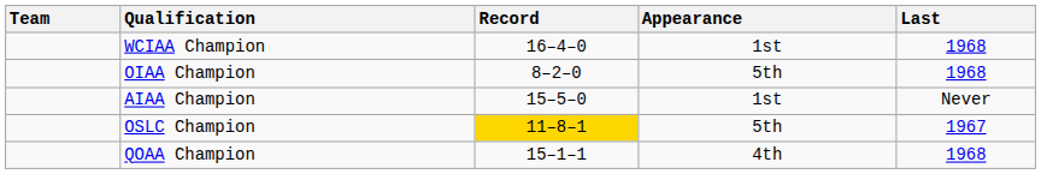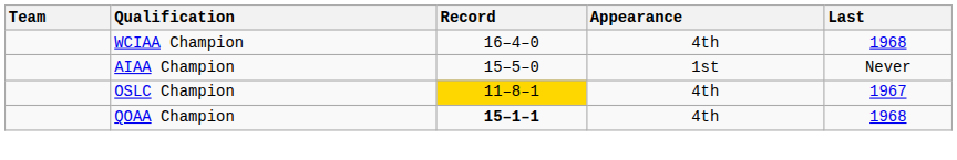 <table class="wikitable sortable" style="text-align: center;" width=800>
 <tr style="background:#efefef; text-align:center">
 <th style="text-align:left">Team</th>
 <th style="text-align:left">Qualification</th>
 <th style="text-align:left">Record</th>
 <th style="text-align:left">Appearance</th>
 <th style="text-align:left">Last</th>
 </tr>
 <tr style="text-align:center">
 <td style="text-align:left; "><a href='#'></a></td>
 <td style="text-align:left"><a href='#'>WCIAA</a> Champion</td>
 <td style="text-align:center">16–4–0</td>
-<td style="text-align:center">1st</td>
-<td style="text-align:center"><a href='#'>1968</a></td>
-</tr>
-<tr style="text-align:center">
-<td style="text-align:left; "><a href='#'></a></td>
-<td style="text-align:left"><a href='#'>OIAA</a> Champion</td>
-<td style="text-align:center">8–2–0</td>
-<td style="text-align:center">5th</td>
+<td style="text-align:center">4th</td>
 <td style="text-align:center"><a href='#'>1968</a></td>
 </tr>
 <tr style="text-align:center">
 <td style="text-align:left; "><a href='#'></a></td>
 <td style="text-align:left"><a href='#'>AIAA</a> Champion</td>
 <td style="text-align:center">15–5–0</td>
 <td style="text-align:center">1st</td>
 <td style="text-align:center">Never</td>
 </tr>
 <tr style="text-align:center">
 <td style="text-align:left; "><a href='#'></a></td>
 <td style="text-align:left"><a href='#'>OSLC</a> Champion</td>
 <td style="background: gold; text-align:center">11–8–1</td>
-<td style="text-align:center">5th</td>
+<td style="text-align:center">4th</td>
 <td style="text-align:center"><a href='#'>1967</a></td>
 </tr>
 <tr style="text-align:center">
 <td style="text-align:left; "><a href='#'></a></td>
 <td style="text-align:left"><a href='#'>QOAA</a> Champion</td>
-<td style="text-align:center">15–1–1</td>
+<td style="text-align:center"><strong>15–1–1</strong></td>
 <td style="text-align:center">4th</td>
 <td style="text-align:center"><a href='#'>1968</a></td>
 </tr>
 </table>
